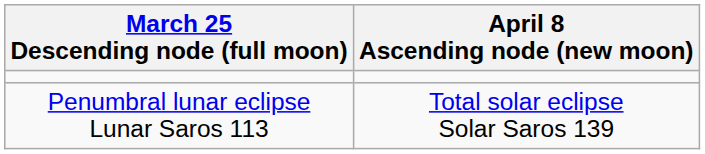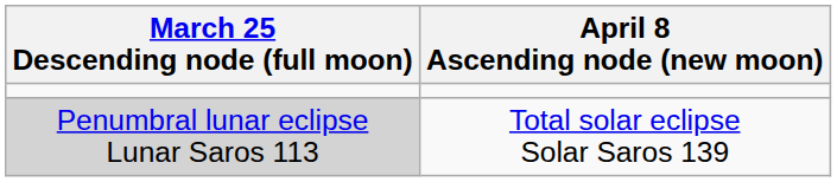 <table class="wikitable">
 <tr>
 <th><a href='#'>March 25</a><br>Descending node (full moon)<br></th>
 <th>April 8<br>Ascending node (new moon)<br></th>
 </tr>
 <tr>
 <td></td>
 <td></td>
 </tr>
 <tr align=center>
-<td><a href='#'>Penumbral lunar eclipse</a><br>Lunar Saros 113</td>
+<td style="background: lightgrey;"><a href='#'>Penumbral lunar eclipse</a><br>Lunar Saros 113</td>
 <td><a href='#'>Total solar eclipse</a><br>Solar Saros 139</td>
 </tr>
 </table>
